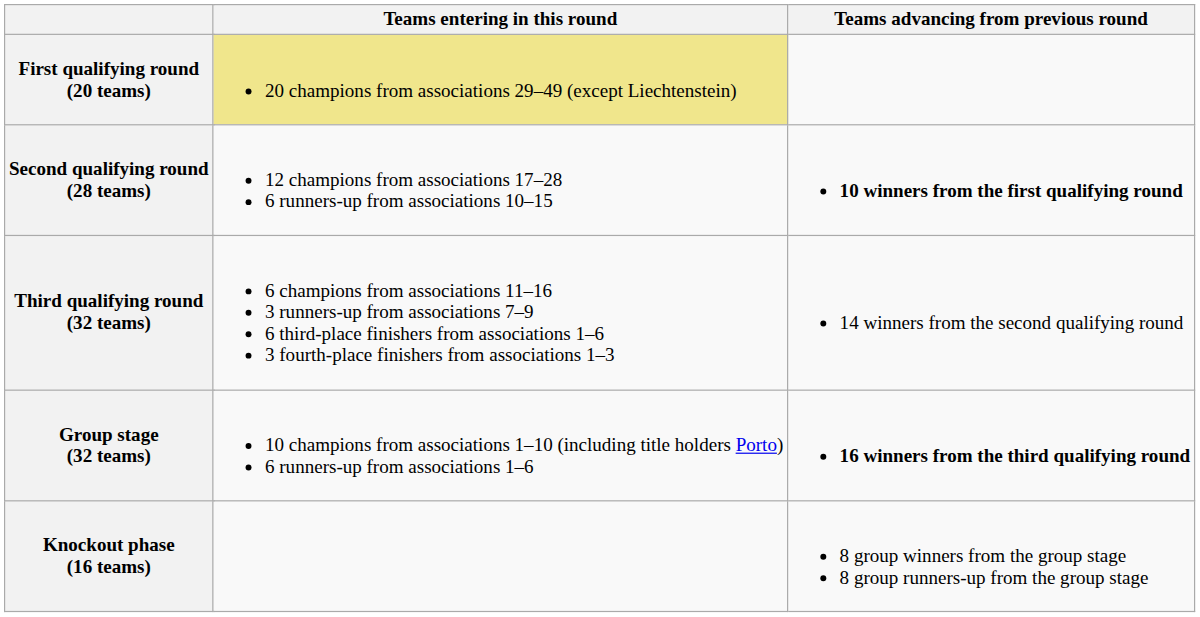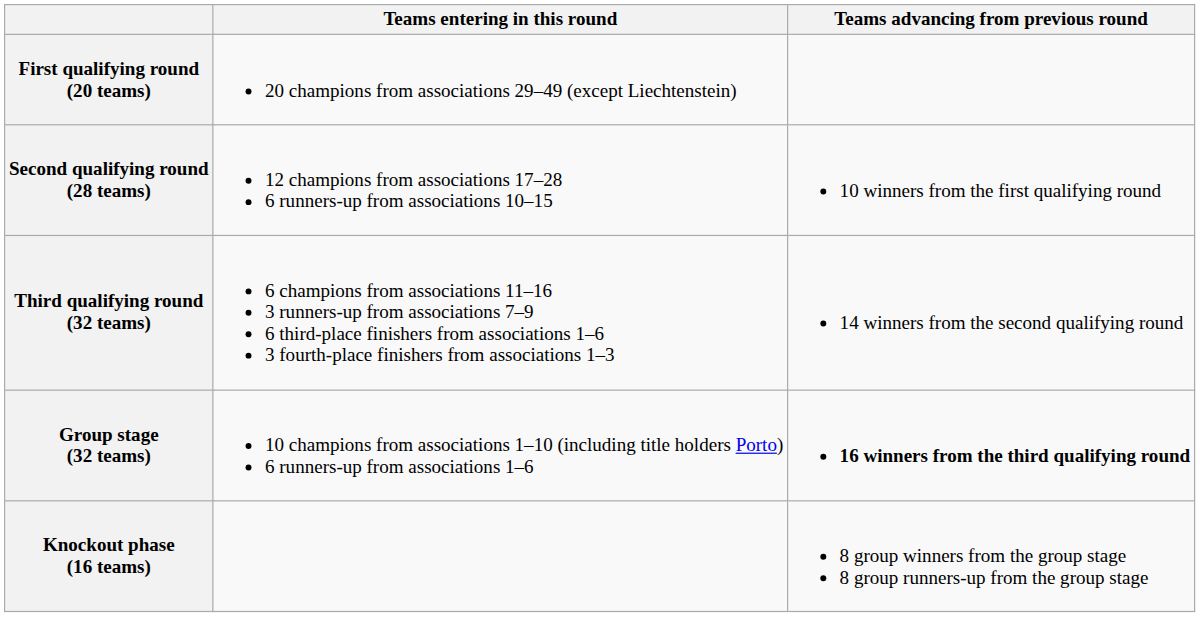 <table class="wikitable">
 <tr>
 <th colspan=2></th>
 <th>Teams entering in this round</th>
 <th>Teams advancing from previous round</th>
 </tr>
 <tr>
 <th colspan=2>First qualifying round<br>(20 teams)</th>
-<td style="background: khaki;"><br><ul><li>20 champions from associations 29–49 (except Liechtenstein)</li></ul></td>
+<td><br><ul><li>20 champions from associations 29–49 (except Liechtenstein)</li></ul></td>
 <td></td>
 </tr>
 <tr>
 <th colspan=2>Second qualifying round<br>(28 teams)</th>
 <td><br><ul><li>12 champions from associations 17–28</li><li>6 runners-up from associations 10–15</li></ul></td>
-<td><strong><br><ul><li>10 winners from the first qualifying round</li></ul></strong></td>
+<td><br><ul><li>10 winners from the first qualifying round</li></ul></td>
 </tr>
 <tr>
 <th colspan=2>Third qualifying round<br>(32 teams)</th>
 <td><br><ul><li>6 champions from associations 11–16</li><li>3 runners-up from associations 7–9</li><li>6 third-place finishers from associations 1–6</li><li>3 fourth-place finishers from associations 1–3</li></ul></td>
 <td><br><ul><li>14 winners from the second qualifying round</li></ul></td>
 </tr>
 <tr>
 <th colspan=2>Group stage<br>(32 teams)</th>
 <td><br><ul><li>10 champions from associations 1–10 (including title holders <a href='#'>Porto</a>)</li><li>6 runners-up from associations 1–6</li></ul></td>
 <td><strong><br><ul><li>16 winners from the third qualifying round</li></ul></strong></td>
 </tr>
 <tr>
 <th colspan=2>Knockout phase<br>(16 teams)</th>
 <td></td>
 <td><br><ul><li>8 group winners from the group stage</li><li>8 group runners-up from the group stage</li></ul></td>
 </tr>
 </table>
